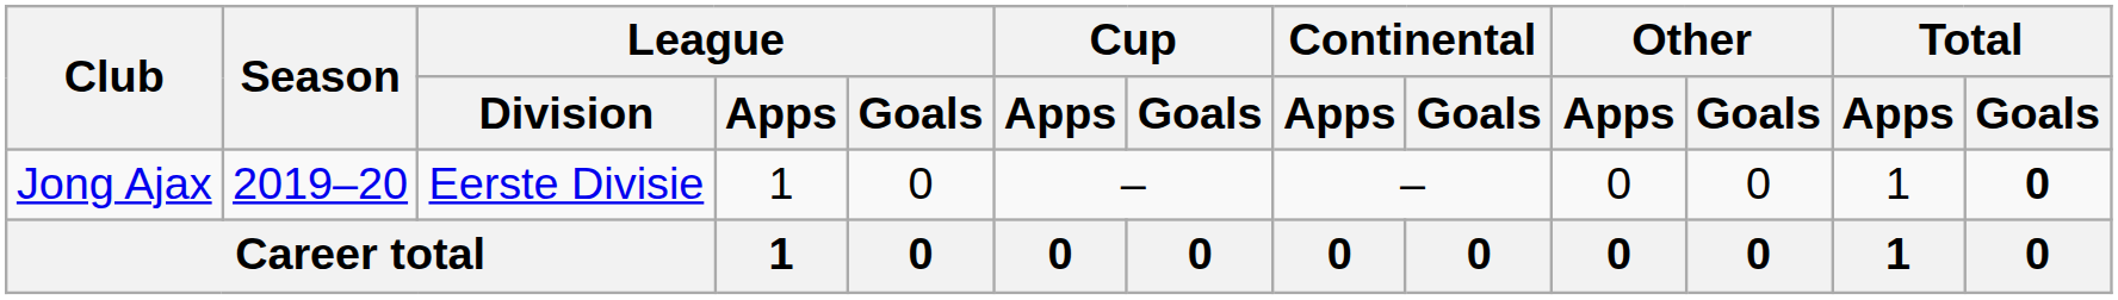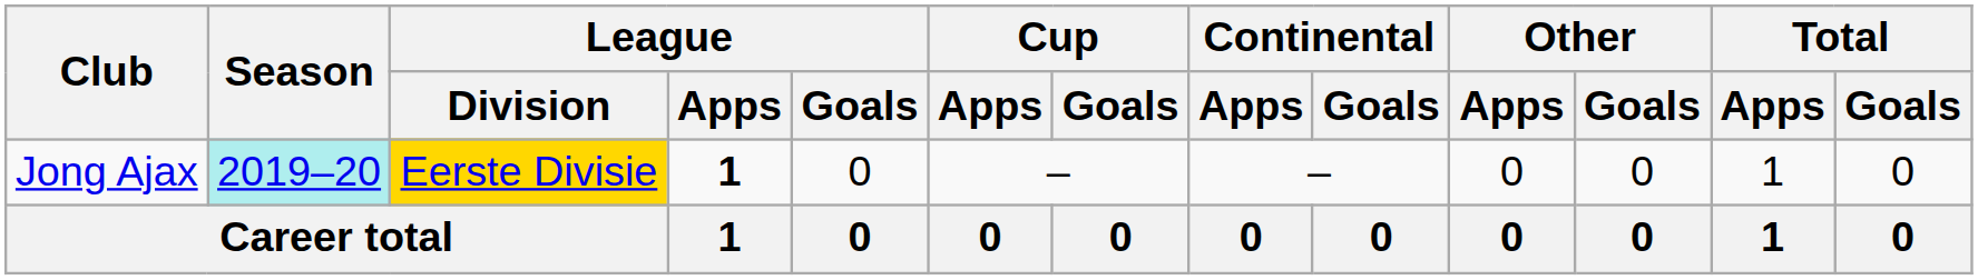 <table class="wikitable" style="text-align: center">
 <tr>
 <th rowspan="2">Club</th>
 <th rowspan="2">Season</th>
 <th colspan="3">League</th>
 <th colspan="2">Cup</th>
 <th colspan="2">Continental</th>
 <th colspan="2">Other</th>
 <th colspan="2">Total</th>
 </tr>
 <tr>
 <th>Division</th>
 <th>Apps</th>
 <th>Goals</th>
 <th>Apps</th>
 <th>Goals</th>
 <th>Apps</th>
 <th>Goals</th>
 <th>Apps</th>
 <th>Goals</th>
 <th>Apps</th>
 <th>Goals</th>
 </tr>
 <tr>
 <td><a href='#'>Jong Ajax</a></td>
-<td><a href='#'>2019–20</a></td>
-<td><a href='#'>Eerste Divisie</a></td>
-<td>1</td>
+<td style="background: paleturquoise;"><a href='#'>2019–20</a></td>
+<td style="background: gold;"><a href='#'>Eerste Divisie</a></td>
+<td><strong>1</strong></td>
 <td>0</td>
 <td colspan="2">–</td>
 <td colspan="2">–</td>
 <td>0</td>
 <td>0</td>
 <td>1</td>
-<td><strong>0</strong></td>
+<td>0</td>
 </tr>
 <tr>
 <th colspan="3"><strong>Career total</strong></th>
 <th>1</th>
 <th>0</th>
 <th>0</th>
 <th>0</th>
 <th>0</th>
 <th>0</th>
 <th>0</th>
 <th>0</th>
 <th>1</th>
 <th>0</th>
 </tr>
 </table>
